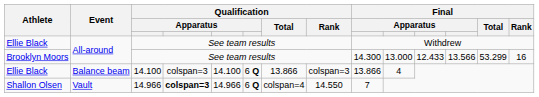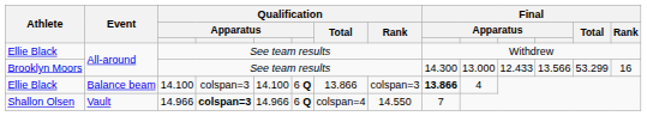 <table class=wikitable style=font-size:90%;text-align:center>
 <tr>
 <th rowspan=3>Athlete</th>
 <th rowspan=3>Event</th>
 <th colspan=6>Qualification</th>
 <th colspan=6>Final</th>
 </tr>
 <tr style=font-size:95%>
 <th colspan=4>Apparatus</th>
 <th rowspan=2>Total</th>
 <th rowspan=2>Rank</th>
 <th colspan=4>Apparatus</th>
 <th rowspan=2>Total</th>
 <th rowspan=2>Rank</th>
 </tr>
 <tr style=font-size:95%>
 <th></th>
 <th></th>
 <th></th>
 <th></th>
 <th></th>
 <th></th>
 <th></th>
 <th></th>
 </tr>
 <tr>
 <td align=left><a href='#'>Ellie Black</a></td>
 <td align=left rowspan="2"><a href='#'>All-around</a></td>
 <td colspan=6><em>See team results</em></td>
 <td colspan=6>Withdrew</td>
 </tr>
 <tr align=center>
 <td align=left><a href='#'>Brooklyn Moors</a></td>
 <td colspan=6><em>See team results</em></td>
 <td>14.300</td>
 <td>13.000</td>
 <td>12.433</td>
 <td>13.566</td>
 <td>53.299</td>
 <td>16</td>
 </tr>
 <tr align=center>
 <td align=left><a href='#'>Ellie Black</a></td>
 <td align=left><a href='#'>Balance beam</a></td>
 <td>14.100</td>
 <td>colspan=3 </td>
 <td>14.100</td>
 <td>6 <strong>Q</strong></td>
 <td>13.866</td>
 <td>colspan=3 </td>
-<td>13.866</td>
+<td><strong>13.866</strong></td>
 <td>4</td>
 </tr>
 <tr align=center>
 <td align=left><a href='#'>Shallon Olsen</a></td>
 <td align=left><a href='#'>Vault</a></td>
 <td>14.966</td>
 <td><strong>colspan=3 </strong></td>
 <td>14.966</td>
 <td>6 <strong>Q</strong></td>
 <td>colspan=4 </td>
 <td>14.550</td>
 <td>7</td>
 </tr>
 </table>
